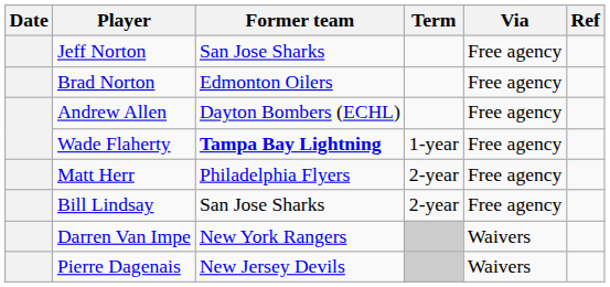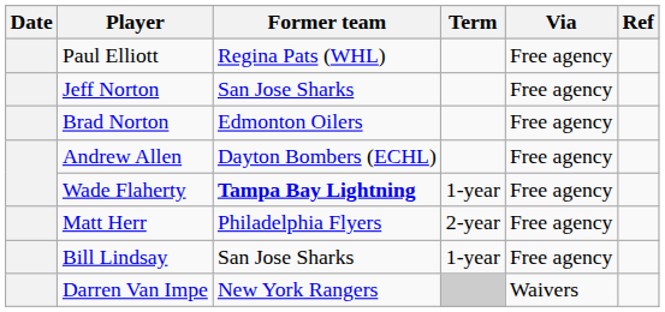 <table class="wikitable plainrowheaders">
 <tr style="background:#ddd; text-align:center;">
 <th>Date</th>
 <th>Player</th>
 <th>Former team</th>
 <th>Term</th>
 <th>Via</th>
 <th>Ref</th>
+</tr>
+<tr>
+<th scope="row"></th>
+<td>Paul Elliott</td>
+<td><a href='#'>Regina Pats</a> (<a href='#'>WHL</a>)</td>
+<td></td>
+<td>Free agency</td>
+<td></td>
 </tr>
 <tr>
 <th scope="row"></th>
 <td><a href='#'>Jeff Norton</a></td>
 <td><a href='#'>San Jose Sharks</a></td>
 <td></td>
 <td>Free agency</td>
 <td></td>
 </tr>
 <tr>
 <th scope="row"></th>
 <td><a href='#'>Brad Norton</a></td>
 <td><a href='#'>Edmonton Oilers</a></td>
 <td></td>
 <td>Free agency</td>
 <td></td>
 </tr>
 <tr>
 <th scope="row" rowspan=2></th>
 <td><a href='#'>Andrew Allen</a></td>
 <td><a href='#'>Dayton Bombers</a> (<a href='#'>ECHL</a>)</td>
 <td></td>
 <td>Free agency</td>
 <td></td>
 </tr>
 <tr>
 <td><a href='#'>Wade Flaherty</a></td>
 <td><strong><a href='#'>Tampa Bay Lightning</a></strong></td>
 <td>1-year</td>
 <td>Free agency</td>
 <td></td>
 </tr>
 <tr>
 <th scope="row"></th>
 <td><a href='#'>Matt Herr</a></td>
 <td><a href='#'>Philadelphia Flyers</a></td>
 <td>2-year</td>
 <td>Free agency</td>
 <td></td>
 </tr>
 <tr>
 <th scope="row"></th>
 <td><a href='#'>Bill Lindsay</a></td>
 <td>San Jose Sharks</td>
-<td>2-year</td>
+<td>1-year</td>
 <td>Free agency</td>
 <td></td>
 </tr>
 <tr>
 <th scope="row"></th>
 <td><a href='#'>Darren Van Impe</a></td>
 <td><a href='#'>New York Rangers</a></td>
 <td style="background:#ccc"></td>
 <td>Waivers</td>
 <td></td>
 </tr>
-<tr>
-<th scope="row"></th>
-<td><a href='#'>Pierre Dagenais</a></td>
-<td><a href='#'>New Jersey Devils</a></td>
-<td style="background:#ccc"></td>
-<td>Waivers</td>
-<td></td>
-</tr>
 </table>
